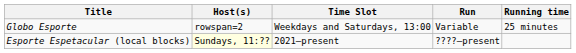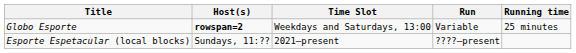 <table class="wikitable">
 <tr>
 <th>Title</th>
 <th>Host(s)</th>
 <th>Time Slot</th>
 <th>Run</th>
 <th>Running time</th>
 </tr>
 <tr>
 <td><em>Globo Esporte</em></td>
-<td>rowspan=2 </td>
+<td><strong>rowspan=2 </strong></td>
 <td>Weekdays and Saturdays, 13:00</td>
 <td>Variable</td>
 <td>25 minutes</td>
 </tr>
 <tr>
 <td><em>Esporte Espetacular</em> (local blocks)</td>
-<td style="background: lightyellow;">Sundays, 11:??</td>
+<td>Sundays, 11:??</td>
 <td>2021–present</td>
 <td>????–present</td>
 </tr>
 </table>
